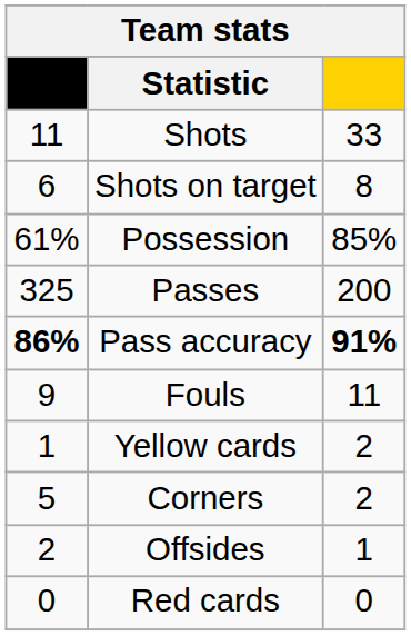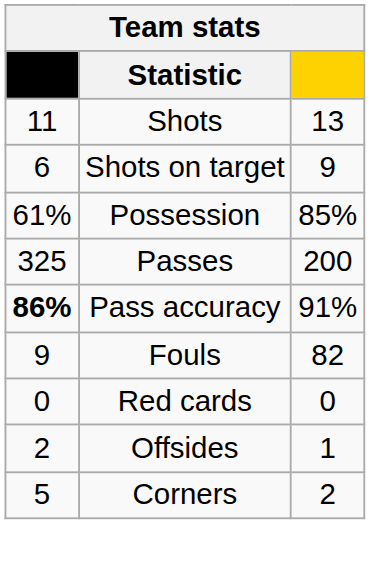 <table class="wikitable" style="margin-left: auto; margin-right: auto; border: none; text-align:center;">
 <tr>
 <th colspan=3>Team stats</th>
 </tr>
 <tr>
 <th style="background: #000000; color: #e4007c;"> <a href='#'></a></th>
 <th>Statistic</th>
 <th style="background: #FED100; color: #000000;"> <a href='#'></a></th>
 </tr>
 <tr>
 <td>11</td>
 <td>Shots</td>
-<td>33</td>
+<td>13</td>
 </tr>
 <tr>
 <td>6</td>
 <td>Shots on target</td>
-<td>8</td>
+<td>9</td>
 </tr>
 <tr>
 <td>61%</td>
 <td>Possession</td>
 <td>85%</td>
 </tr>
 <tr>
 <td>325</td>
 <td>Passes</td>
 <td>200</td>
 </tr>
 <tr>
 <td><strong>86%</strong></td>
 <td>Pass accuracy</td>
-<td><strong>91%</strong></td>
+<td>91%</td>
 </tr>
 <tr>
 <td>9</td>
 <td>Fouls</td>
-<td>11</td>
+<td>82</td>
 </tr>
 <tr>
-<td>1</td>
-<td>Yellow cards</td>
-<td>2</td>
-</tr>
-<tr>
-<td>5</td>
-<td>Corners</td>
-<td>2</td>
+<td>0</td>
+<td>Red cards</td>
+<td>0</td>
 </tr>
 <tr>
 <td>2</td>
 <td>Offsides</td>
 <td>1</td>
 </tr>
 <tr>
-<td>0</td>
-<td>Red cards</td>
-<td>0</td>
+<td>5</td>
+<td>Corners</td>
+<td>2</td>
 </tr>
 </table>
